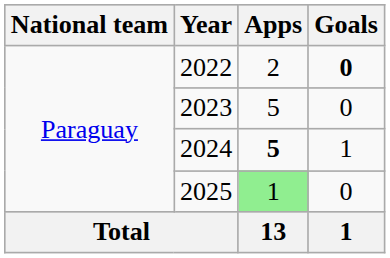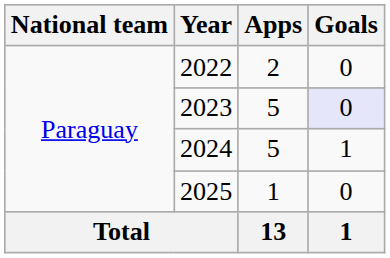 <table class="wikitable" style="text-align:center">
 <tr>
 <th>National team</th>
 <th>Year</th>
 <th>Apps</th>
 <th>Goals</th>
 </tr>
 <tr>
 <td rowspan="4"><a href='#'>Paraguay</a></td>
 <td>2022</td>
 <td>2</td>
-<td><strong>0</strong></td>
+<td>0</td>
 </tr>
 <tr>
 <td>2023</td>
 <td>5</td>
-<td>0</td>
+<td style="background: lavender;">0</td>
 </tr>
 <tr>
 <td>2024</td>
-<td><strong>5</strong></td>
+<td>5</td>
 <td>1</td>
 </tr>
 <tr>
 <td>2025</td>
-<td style="background: lightgreen;">1</td>
+<td>1</td>
 <td>0</td>
 </tr>
 <tr>
 <th colspan="2">Total</th>
 <th>13</th>
 <th>1</th>
 </tr>
 </table>
